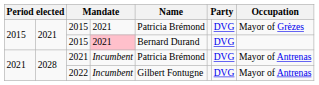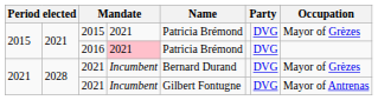 <table class="wikitable">
 <tr>
 <th colspan="2">Period elected</th>
 <th colspan="2">Mandate</th>
 <th>Name</th>
 <th colspan="2">Party</th>
 <th>Occupation</th>
 </tr>
 <tr>
 <td rowspan="2">2015</td>
 <td rowspan="2">2021</td>
 <td>2015</td>
 <td>2021</td>
 <td>Patricia Brémond</td>
 <td></td>
 <td><a href='#'>DVG</a></td>
 <td>Mayor of <a href='#'>Grèzes</a></td>
 </tr>
 <tr>
-<td>2015</td>
+<td>2016</td>
 <td style="background: pink;">2021</td>
-<td>Bernard Durand</td>
+<td>Patricia Brémond</td>
 <td></td>
 <td><a href='#'>DVG</a></td>
 <td></td>
 </tr>
 <tr>
 <td rowspan="2">2021</td>
 <td rowspan="2">2028</td>
 <td>2021</td>
 <td><em>Incumbent</em></td>
-<td>Patricia Brémond</td>
+<td>Bernard Durand</td>
 <td></td>
 <td><a href='#'>DVG</a></td>
-<td>Mayor of <a href='#'>Antrenas</a></td>
+<td>Mayor of <a href='#'>Grèzes</a></td>
 </tr>
 <tr>
-<td>2022</td>
+<td>2021</td>
 <td><em>Incumbent</em></td>
 <td>Gilbert Fontugne</td>
 <td></td>
 <td><a href='#'>DVG</a></td>
 <td>Mayor of <a href='#'>Antrenas</a></td>
 </tr>
 </table>
